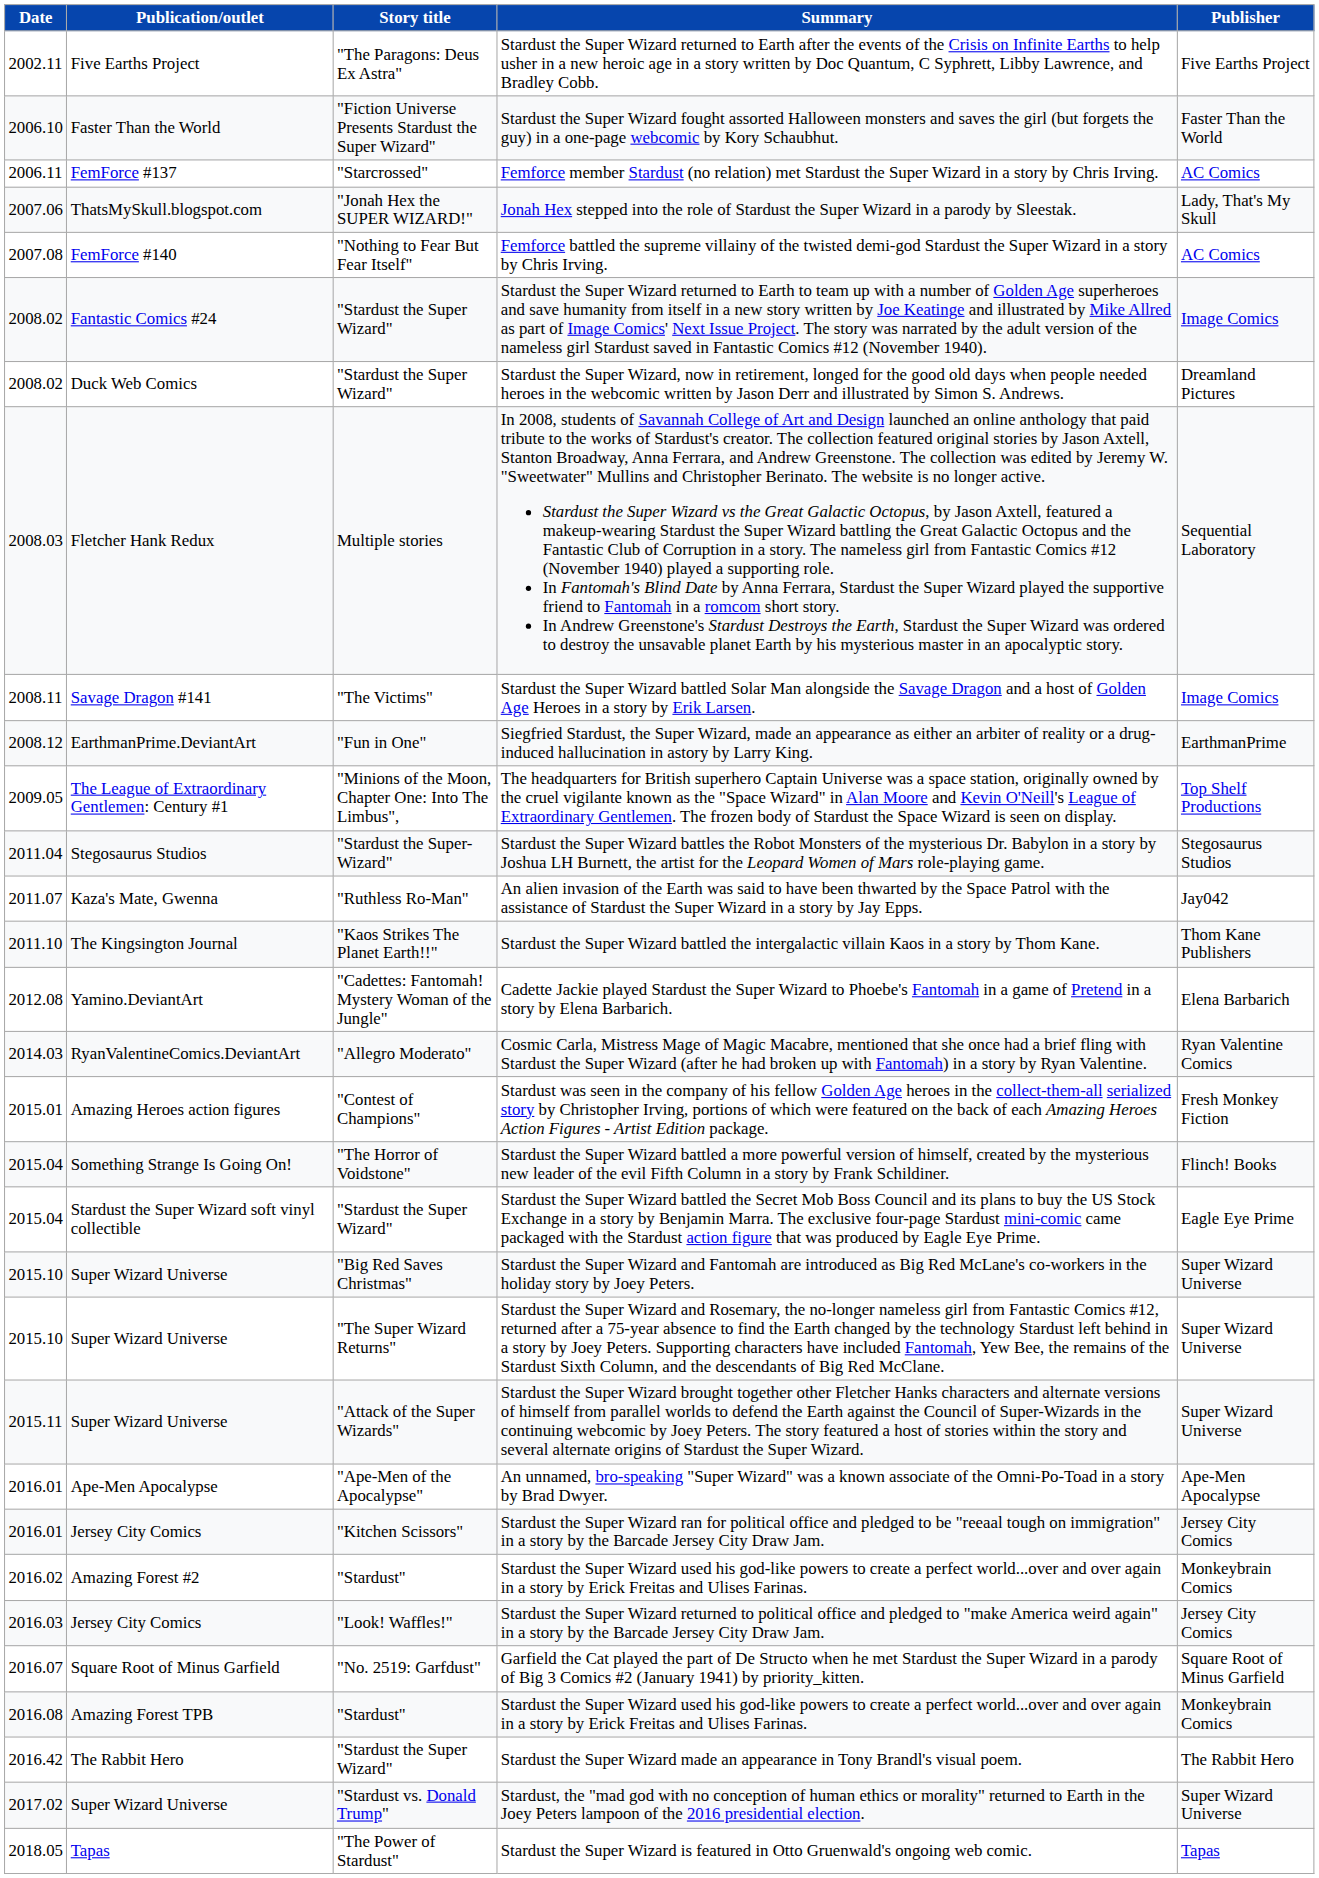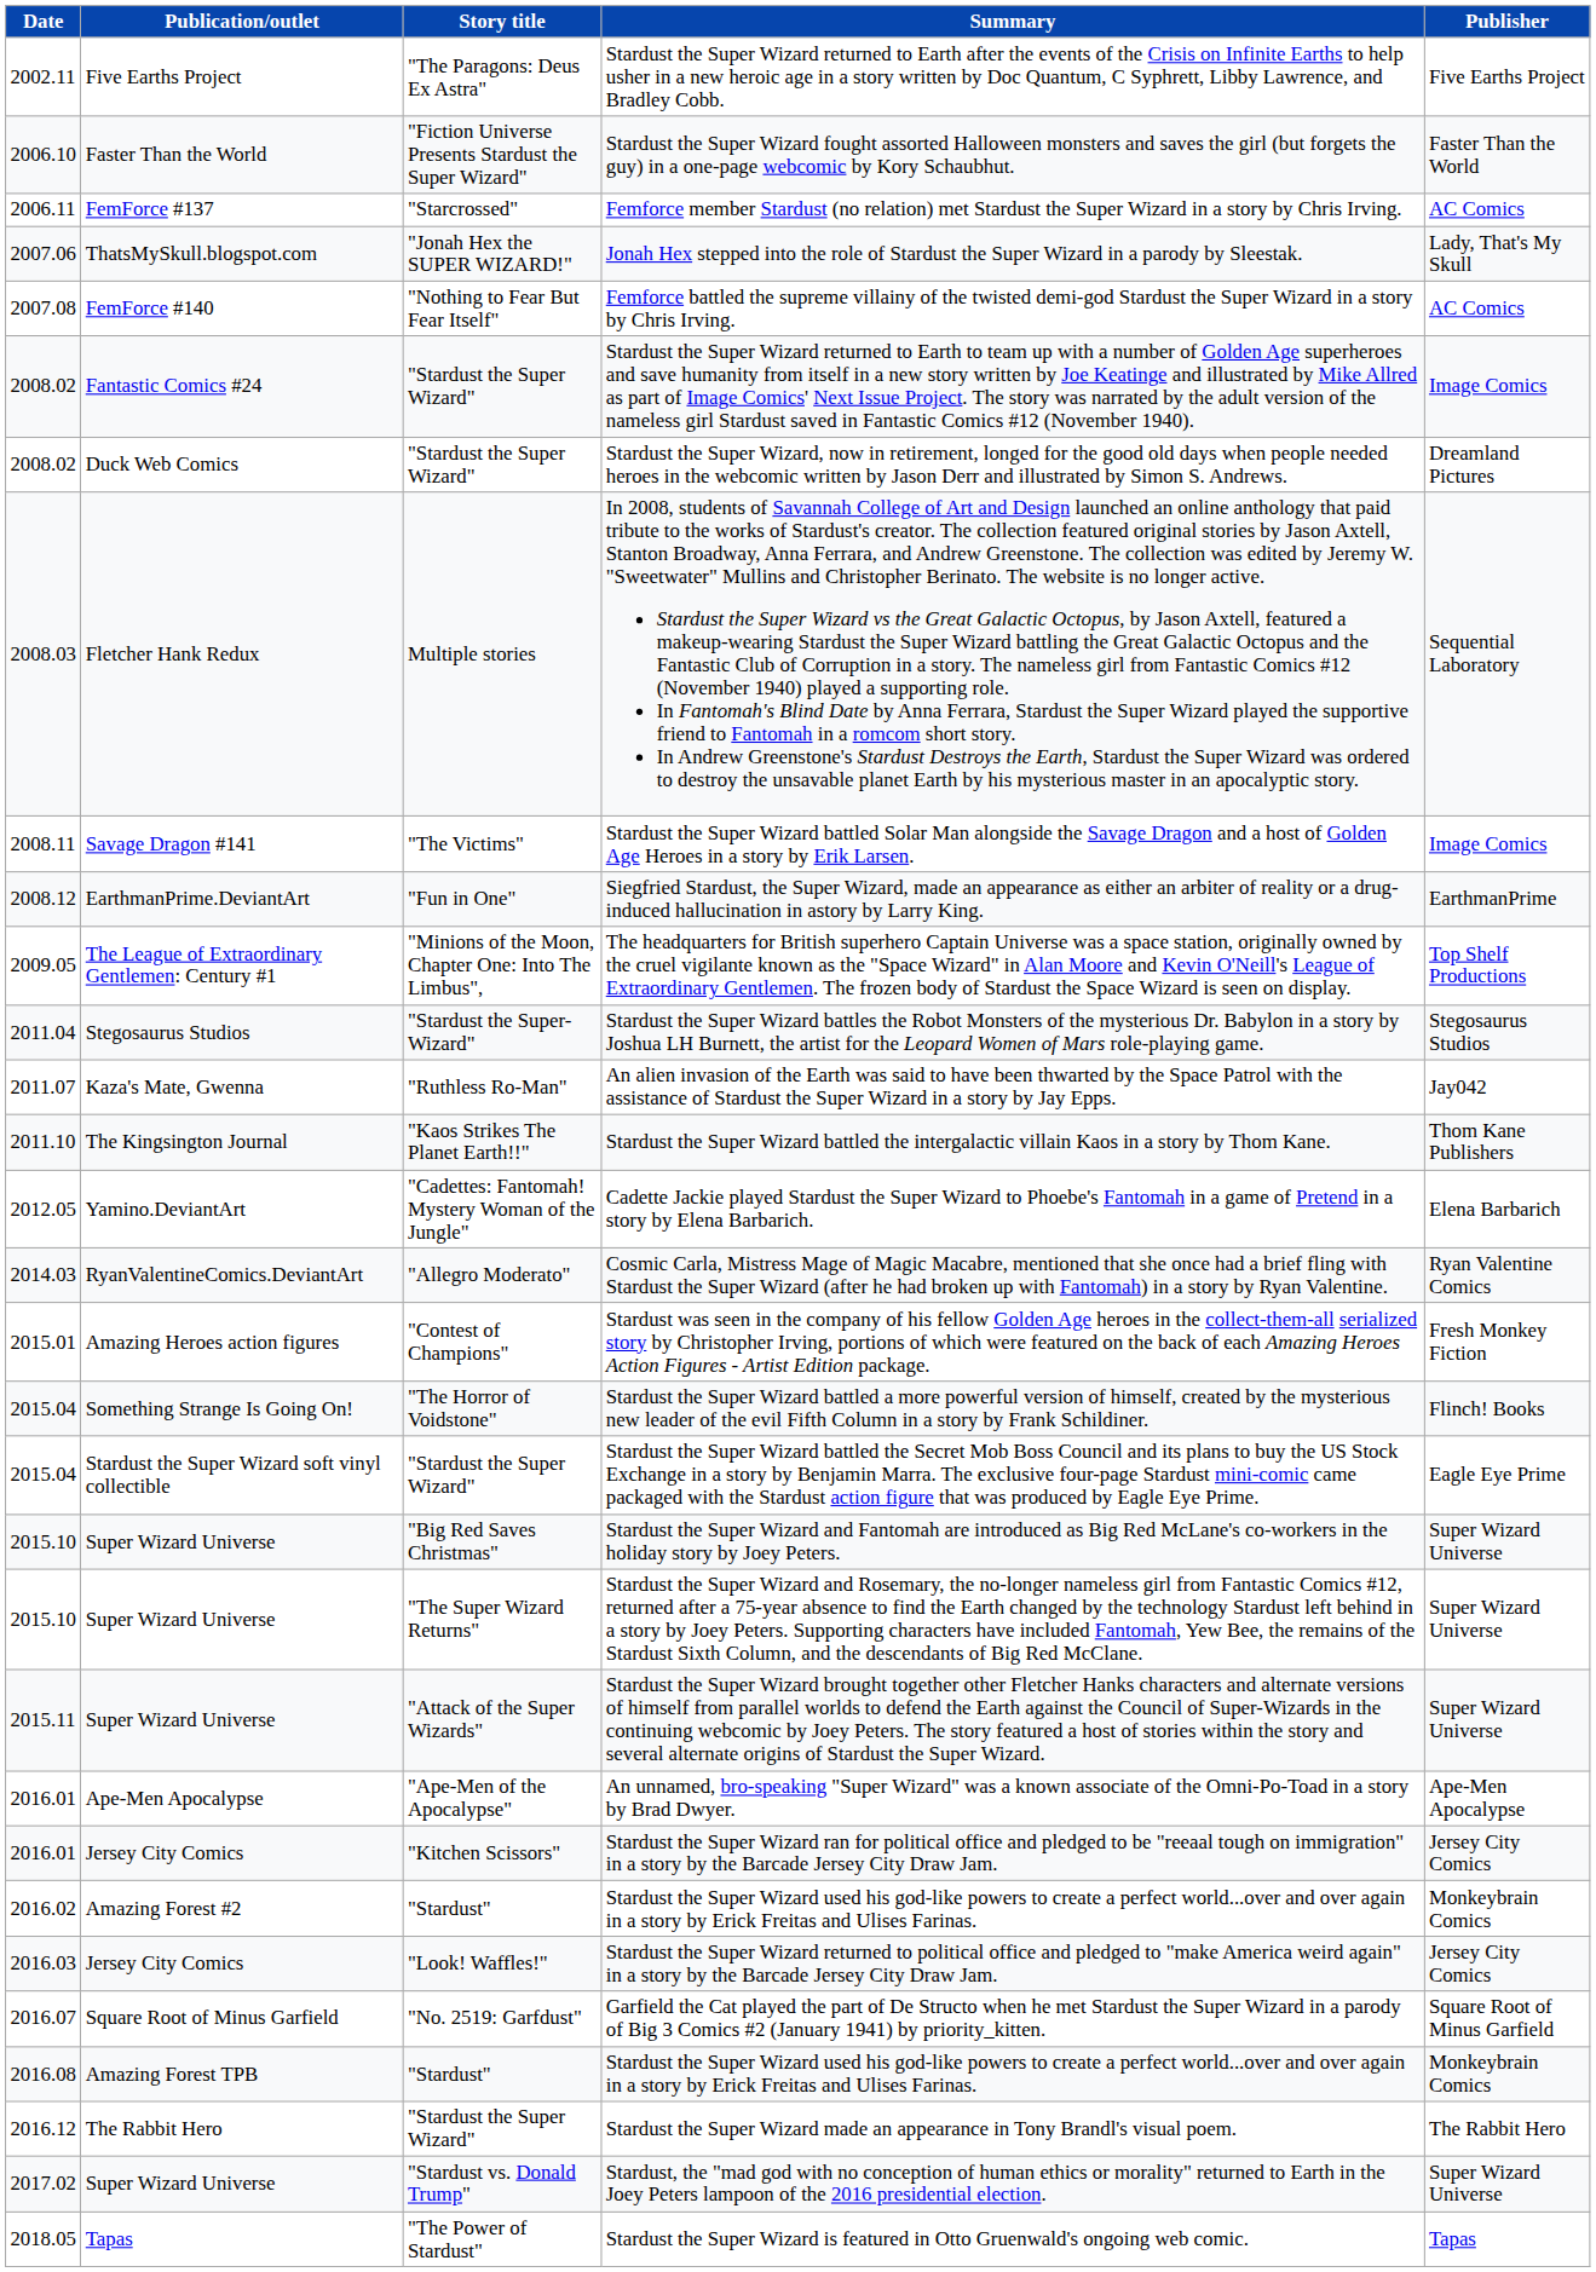 <table role="presentation" class="wikitable mw-collapsible mw-collapsed">
 <tr style="margin-top:1em;">
 <th style="background:#0645ad; color:#fff;">Date</th>
 <th style="background:#0645ad; color:#fff;">Publication/outlet</th>
 <th style="background:#0645ad; color:#fff;" class="nowrap">Story title</th>
 <th style="background:#0645ad; color:#fff;" class="nowrap">Summary</th>
 <th style="background:#0645ad; color:#fff;">Publisher</th>
 </tr>
 <tr style="background:#fff">
 <td>2002.11</td>
 <td>Five Earths Project</td>
 <td>"The Paragons: Deus Ex Astra" </td>
 <td>Stardust the Super Wizard returned to Earth after the events of the <a href='#'>Crisis on Infinite Earths</a> to help usher in a new heroic age in a story written by Doc Quantum, C Syphrett, Libby Lawrence, and Bradley Cobb.</td>
 <td>Five Earths Project</td>
 </tr>
 <tr style="background:#f8f9fa">
 <td>2006.10</td>
 <td>Faster Than the World</td>
 <td>"Fiction Universe Presents Stardust the Super Wizard" </td>
 <td>Stardust the Super Wizard fought assorted Halloween monsters and saves the girl (but forgets the guy) in a one-page <a href='#'>webcomic</a> by Kory Schaubhut.</td>
 <td>Faster Than the World</td>
 </tr>
 <tr style="background:#fff">
 <td>2006.11</td>
 <td><a href='#'>FemForce</a> #137</td>
 <td>"Starcrossed" </td>
 <td><a href='#'>Femforce</a> member <a href='#'>Stardust</a> (no relation) met Stardust the Super Wizard in a story by Chris Irving.</td>
 <td><a href='#'>AC Comics</a></td>
 </tr>
 <tr style="background:#f8f9fa">
 <td>2007.06</td>
 <td>ThatsMySkull.blogspot.com</td>
 <td>"Jonah Hex the SUPER WIZARD!" </td>
 <td><a href='#'>Jonah Hex</a> stepped into the role of Stardust the Super Wizard in a parody by Sleestak.</td>
 <td>Lady, That's My Skull</td>
 </tr>
 <tr style="background:#fff">
 <td>2007.08</td>
 <td><a href='#'>FemForce</a> #140</td>
 <td>"Nothing to Fear But Fear Itself" </td>
 <td><a href='#'>Femforce</a> battled the supreme villainy of the twisted demi-god Stardust the Super Wizard in a story by Chris Irving.</td>
 <td><a href='#'>AC Comics</a></td>
 </tr>
 <tr style="background:#f8f9fa">
 <td>2008.02</td>
 <td><a href='#'>Fantastic Comics</a> #24</td>
 <td>"Stardust the Super Wizard" </td>
 <td>Stardust the Super Wizard returned to Earth to team up with a number of <a href='#'>Golden Age</a> superheroes and save humanity from itself in a new story written by <a href='#'>Joe Keatinge</a> and illustrated by <a href='#'>Mike Allred</a> as part of <a href='#'>Image Comics</a>' <a href='#'>Next Issue Project</a>. The story was narrated by the adult version of the nameless girl Stardust saved in Fantastic Comics #12 (November 1940).</td>
 <td><a href='#'>Image Comics</a></td>
 </tr>
 <tr style="background:#fff">
 <td>2008.02</td>
 <td>Duck Web Comics</td>
 <td>"Stardust the Super Wizard" </td>
 <td>Stardust the Super Wizard, now in retirement, longed for the good old days when people needed heroes in the webcomic written by Jason Derr and illustrated by Simon S. Andrews.</td>
 <td>Dreamland Pictures</td>
 </tr>
 <tr style="background:#f8f9fa">
 <td>2008.03</td>
 <td>Fletcher Hank Redux </td>
 <td>Multiple stories</td>
 <td>In 2008, students of <a href='#'>Savannah College of Art and Design</a> launched an online anthology that paid tribute to the works of Stardust's creator. The collection  featured original stories by Jason Axtell, Stanton Broadway, Anna Ferrara, and Andrew Greenstone. The collection was edited by Jeremy W. "Sweetwater" Mullins and Christopher Berinato. The website is no longer active.<br><ul> <li><em>Stardust the Super Wizard vs the Great Galactic Octopus</em>, by Jason Axtell, featured a makeup-wearing Stardust the Super Wizard battling the Great Galactic Octopus and the Fantastic Club of Corruption in a story. The nameless girl from Fantastic Comics #12 (November 1940) played a supporting role.</li>  <li>In <em>Fantomah's Blind Date</em> by Anna Ferrara, Stardust the Super Wizard played the supportive friend to <a href='#'>Fantomah</a> in a <a href='#'>romcom</a> short story.</li> <li>In Andrew Greenstone's <em>Stardust Destroys the Earth</em>, Stardust the Super Wizard was ordered to destroy the unsavable planet Earth by his mysterious master in an apocalyptic story.</li> </ul></td>
 <td>Sequential Laboratory</td>
 </tr>
 <tr style="background:#fff">
 <td>2008.11</td>
 <td><a href='#'>Savage Dragon</a> #141</td>
 <td>"The Victims" </td>
 <td>Stardust the Super Wizard battled Solar Man alongside the <a href='#'>Savage Dragon</a> and a host of <a href='#'>Golden Age</a> Heroes in a story by <a href='#'>Erik Larsen</a>.</td>
 <td><a href='#'>Image Comics</a></td>
 </tr>
 <tr style="background:#f8f9fa">
 <td>2008.12</td>
 <td>EarthmanPrime.DeviantArt</td>
 <td>"Fun in One" </td>
 <td>Siegfried Stardust, the Super Wizard, made an appearance as either an arbiter of reality or a drug-induced hallucination in astory by Larry King.</td>
 <td>EarthmanPrime</td>
 </tr>
 <tr style="background:#fff">
 <td>2009.05</td>
 <td><a href='#'>The League of Extraordinary Gentlemen</a>: Century #1</td>
 <td>"Minions of the Moon, Chapter One: Into The Limbus",</td>
 <td>The headquarters for British superhero Captain Universe was a space station, originally owned by the cruel vigilante known as the "Space Wizard" in <a href='#'>Alan Moore</a> and <a href='#'>Kevin O'Neill</a>'s <a href='#'>League of Extraordinary Gentlemen</a>. The frozen body of Stardust the Space Wizard is seen on display.</td>
 <td><a href='#'>Top Shelf Productions</a></td>
 </tr>
 <tr style="background:#f8f9fa">
 <td>2011.04</td>
 <td>Stegosaurus Studios</td>
 <td>"Stardust the Super-Wizard" </td>
 <td>Stardust the Super Wizard battles the Robot Monsters of the mysterious Dr. Babylon in a story by Joshua LH Burnett, the artist for the <em>Leopard Women of Mars</em> role-playing game.</td>
 <td>Stegosaurus Studios</td>
 </tr>
 <tr style="background:#fff">
 <td>2011.07</td>
 <td>Kaza's Mate, Gwenna</td>
 <td>"Ruthless Ro-Man" </td>
 <td>An alien invasion of the Earth was said to have been thwarted by the Space Patrol with the assistance of Stardust the Super Wizard in a story by Jay Epps.</td>
 <td>Jay042</td>
 </tr>
 <tr style="background:#f8f9fa">
 <td>2011.10</td>
 <td>The Kingsington Journal</td>
 <td>"Kaos Strikes The Planet Earth!!" </td>
 <td>Stardust the Super Wizard battled the intergalactic villain Kaos in a story by Thom Kane.</td>
 <td>Thom Kane Publishers</td>
 </tr>
 <tr style="background:#fff">
-<td>2012.08</td>
+<td>2012.05</td>
 <td>Yamino.DeviantArt</td>
 <td>"Cadettes: Fantomah! Mystery Woman of the Jungle" </td>
 <td>Cadette Jackie played Stardust the Super Wizard to Phoebe's <a href='#'>Fantomah</a> in a game of <a href='#'>Pretend</a> in a story by Elena Barbarich.</td>
 <td>Elena Barbarich</td>
 </tr>
 <tr style="background:#f8f9fa">
 <td>2014.03</td>
 <td>RyanValentineComics.DeviantArt</td>
 <td>"Allegro Moderato" </td>
 <td>Cosmic Carla, Mistress Mage of Magic Macabre, mentioned that she once had a brief fling with Stardust the Super Wizard (after he had broken up with <a href='#'>Fantomah</a>) in a story by Ryan Valentine.</td>
 <td>Ryan Valentine Comics</td>
 </tr>
 <tr style="background:#fff">
 <td>2015.01</td>
 <td>Amazing Heroes action figures</td>
 <td>"Contest of Champions" </td>
 <td>Stardust was seen in the company of his fellow <a href='#'>Golden Age</a> heroes in the <a href='#'>collect-them-all</a> <a href='#'>serialized story</a> by Christopher Irving, portions of which were featured on the back of each <em>Amazing Heroes Action Figures - Artist Edition</em> package.</td>
 <td>Fresh Monkey Fiction</td>
 </tr>
 <tr style="background:#f8f9fa">
 <td>2015.04</td>
 <td>Something Strange Is Going On!</td>
 <td>"The Horror of Voidstone" </td>
 <td>Stardust the Super Wizard battled a more powerful version of himself, created by the mysterious new leader of the evil Fifth Column in a story by Frank Schildiner.</td>
 <td>Flinch! Books</td>
 </tr>
 <tr style="background:#fff">
 <td>2015.04</td>
 <td>Stardust the Super Wizard soft vinyl collectible</td>
 <td>"Stardust the Super Wizard" </td>
 <td>Stardust the Super Wizard battled the Secret Mob Boss Council and its plans to buy the US Stock Exchange in a story by Benjamin Marra. The exclusive four-page Stardust <a href='#'>mini-comic</a> came packaged with the Stardust <a href='#'>action figure</a> that was produced by Eagle Eye Prime.</td>
 <td>Eagle Eye Prime</td>
 </tr>
 <tr style="background:#f8f9fa">
 <td>2015.10</td>
 <td>Super Wizard Universe</td>
 <td>"Big Red Saves Christmas" </td>
 <td>Stardust the Super Wizard and Fantomah are introduced as Big Red McLane's co-workers in the holiday story by Joey Peters.</td>
 <td>Super Wizard Universe</td>
 </tr>
 <tr style="background:#fff">
 <td>2015.10</td>
 <td>Super Wizard Universe</td>
 <td>"The Super Wizard Returns" </td>
 <td>Stardust the Super Wizard and Rosemary, the no-longer nameless girl from Fantastic Comics #12, returned after a 75-year absence to find the Earth changed by the technology Stardust left behind in a story by Joey Peters. Supporting characters have included <a href='#'>Fantomah</a>, Yew Bee, the remains of the Stardust Sixth Column, and the descendants of Big Red McClane.</td>
 <td>Super Wizard Universe</td>
 </tr>
 <tr style="background:#f8f9fa">
 <td>2015.11</td>
 <td>Super Wizard Universe</td>
 <td>"Attack of the Super Wizards" </td>
 <td>Stardust the Super Wizard brought together other Fletcher Hanks characters  and alternate versions of himself from parallel worlds to defend the Earth against the Council of Super-Wizards in the continuing webcomic by Joey Peters. The story featured a host of stories within the story and several alternate origins of Stardust the Super Wizard.</td>
 <td>Super Wizard Universe</td>
 </tr>
 <tr style="background:#fff">
 <td>2016.01</td>
 <td>Ape-Men Apocalypse</td>
 <td>"Ape-Men of the Apocalypse" </td>
 <td>An unnamed, <a href='#'>bro-speaking</a> "Super Wizard" was a known associate of the Omni-Po-Toad in a story by Brad Dwyer.</td>
 <td>Ape-Men Apocalypse</td>
 </tr>
 <tr style="background:#f8f9fa">
 <td>2016.01</td>
 <td>Jersey City Comics</td>
 <td>"Kitchen Scissors" </td>
 <td>Stardust the Super Wizard ran for political office and pledged to be "reeaal tough on immigration" in a story by the Barcade Jersey City Draw Jam.</td>
 <td>Jersey City Comics</td>
 </tr>
 <tr style="background:#fff">
 <td>2016.02</td>
 <td>Amazing Forest #2</td>
 <td>"Stardust" </td>
 <td>Stardust the Super Wizard used his god-like powers to create a perfect world...over and over again in a story by Erick Freitas and Ulises Farinas.</td>
 <td>Monkeybrain Comics</td>
 </tr>
 <tr style="background:#f8f9fa">
 <td>2016.03</td>
 <td>Jersey City Comics</td>
 <td>"Look! Waffles!" </td>
 <td>Stardust the Super Wizard returned to political office and pledged to "make America weird again" in a story by the Barcade Jersey City Draw Jam.</td>
 <td>Jersey City Comics</td>
 </tr>
 <tr style="background:#fff">
 <td>2016.07</td>
 <td>Square Root of Minus Garfield</td>
 <td>"No. 2519: Garfdust" </td>
 <td>Garfield the Cat played the part of De Structo when he met Stardust the Super Wizard in a parody of Big 3 Comics #2 (January 1941) by priority_kitten.</td>
 <td>Square Root of Minus Garfield</td>
 </tr>
 <tr style="background:#f8f9fa">
 <td>2016.08</td>
 <td>Amazing Forest TPB</td>
 <td>"Stardust" </td>
 <td>Stardust the Super Wizard used his god-like powers to create a perfect world...over and over again in a story by Erick Freitas and Ulises Farinas.</td>
 <td>Monkeybrain Comics</td>
 </tr>
 <tr style="background:#fff">
-<td>2016.42</td>
+<td>2016.12</td>
 <td>The Rabbit Hero</td>
 <td>"Stardust the Super Wizard" </td>
 <td>Stardust the Super Wizard made an appearance in Tony Brandl's visual poem.</td>
 <td>The Rabbit Hero</td>
 </tr>
 <tr style="background:#f8f9fa">
 <td>2017.02</td>
 <td>Super Wizard Universe</td>
 <td>"Stardust vs. <a href='#'>Donald Trump</a>" </td>
 <td>Stardust, the "mad god with no conception of human ethics or morality" returned to Earth in the Joey Peters lampoon of the <a href='#'>2016 presidential election</a>.</td>
 <td>Super Wizard Universe</td>
 </tr>
 <tr style="background:#fff">
 <td>2018.05</td>
 <td><a href='#'>Tapas</a></td>
 <td>"The Power of Stardust" </td>
 <td>Stardust the Super Wizard is featured in Otto Gruenwald's ongoing web comic.</td>
 <td><a href='#'>Tapas</a></td>
 </tr>
 </table>
